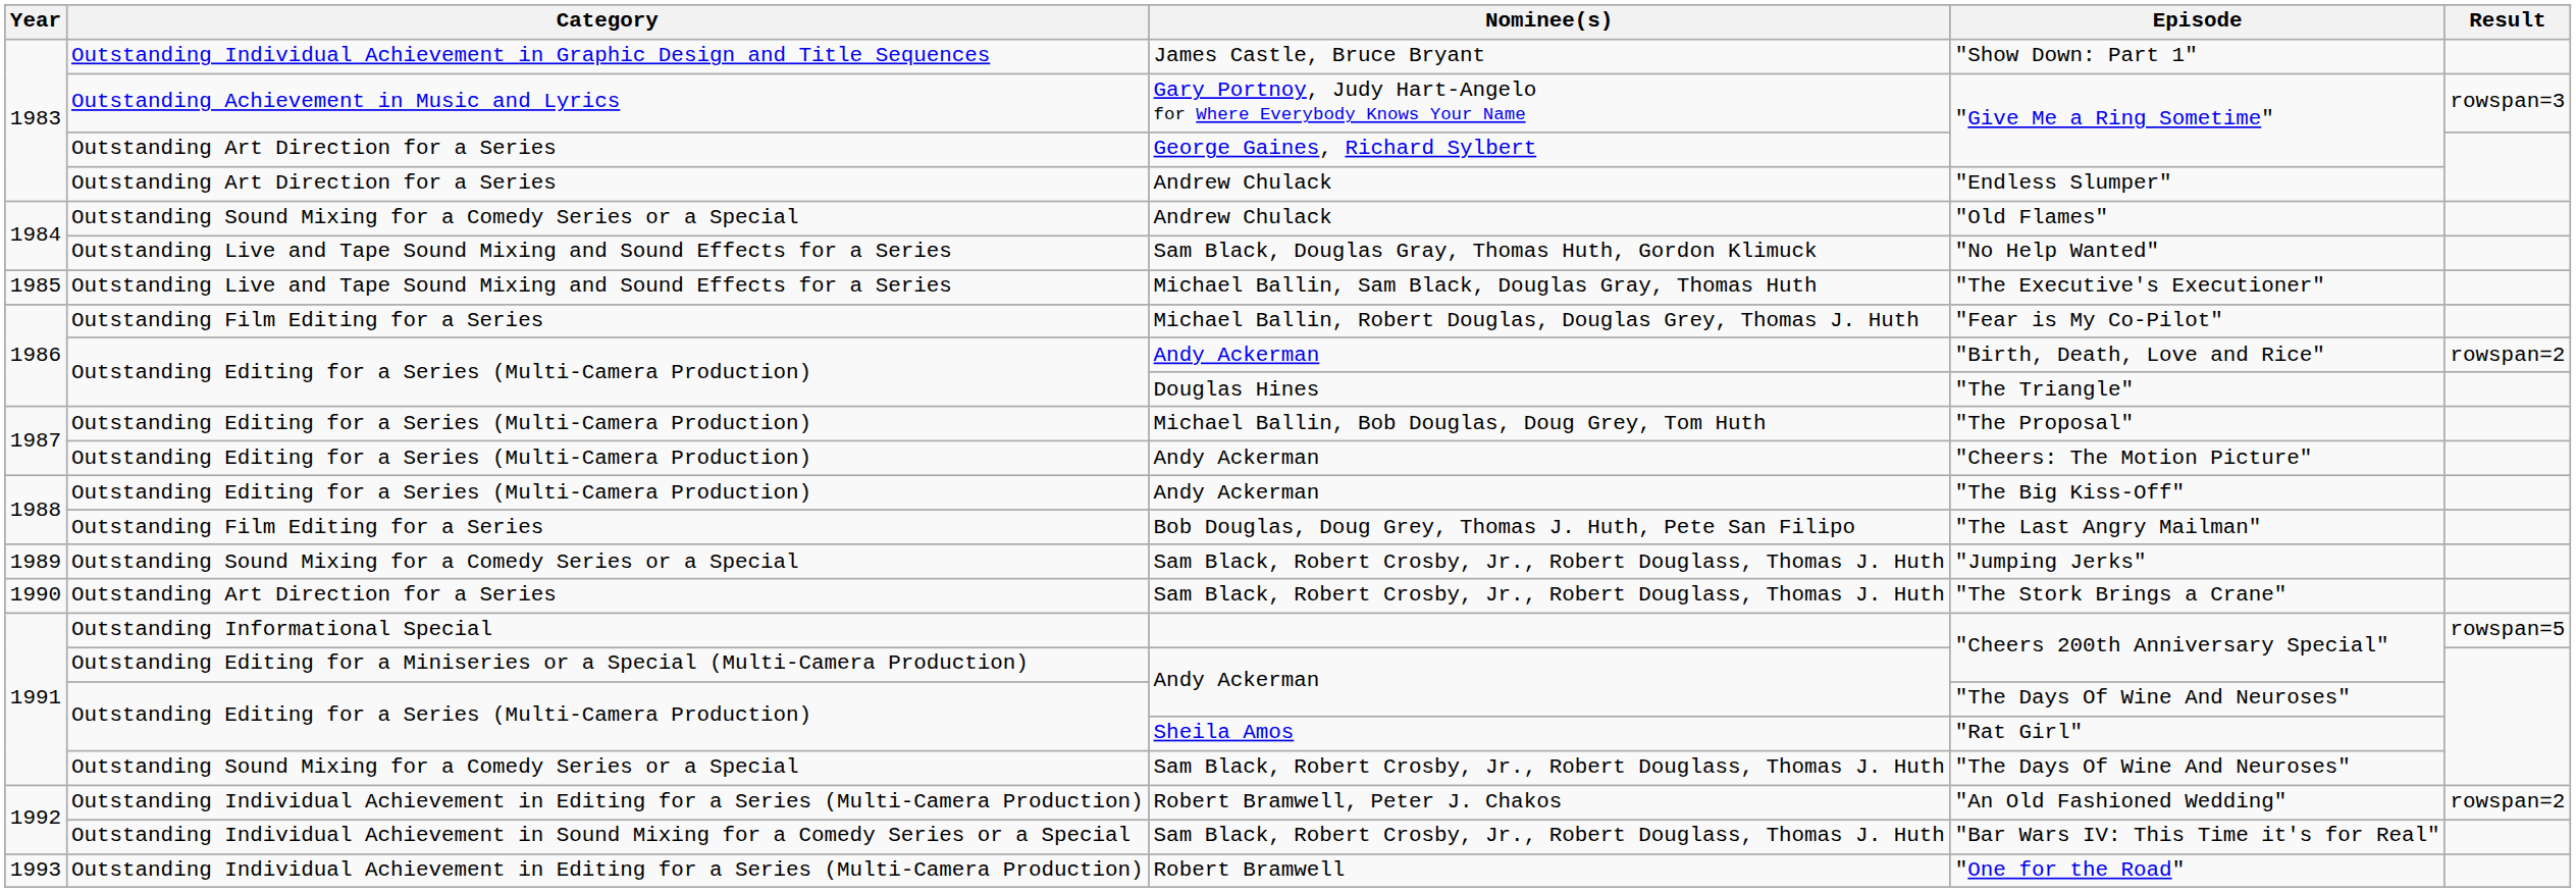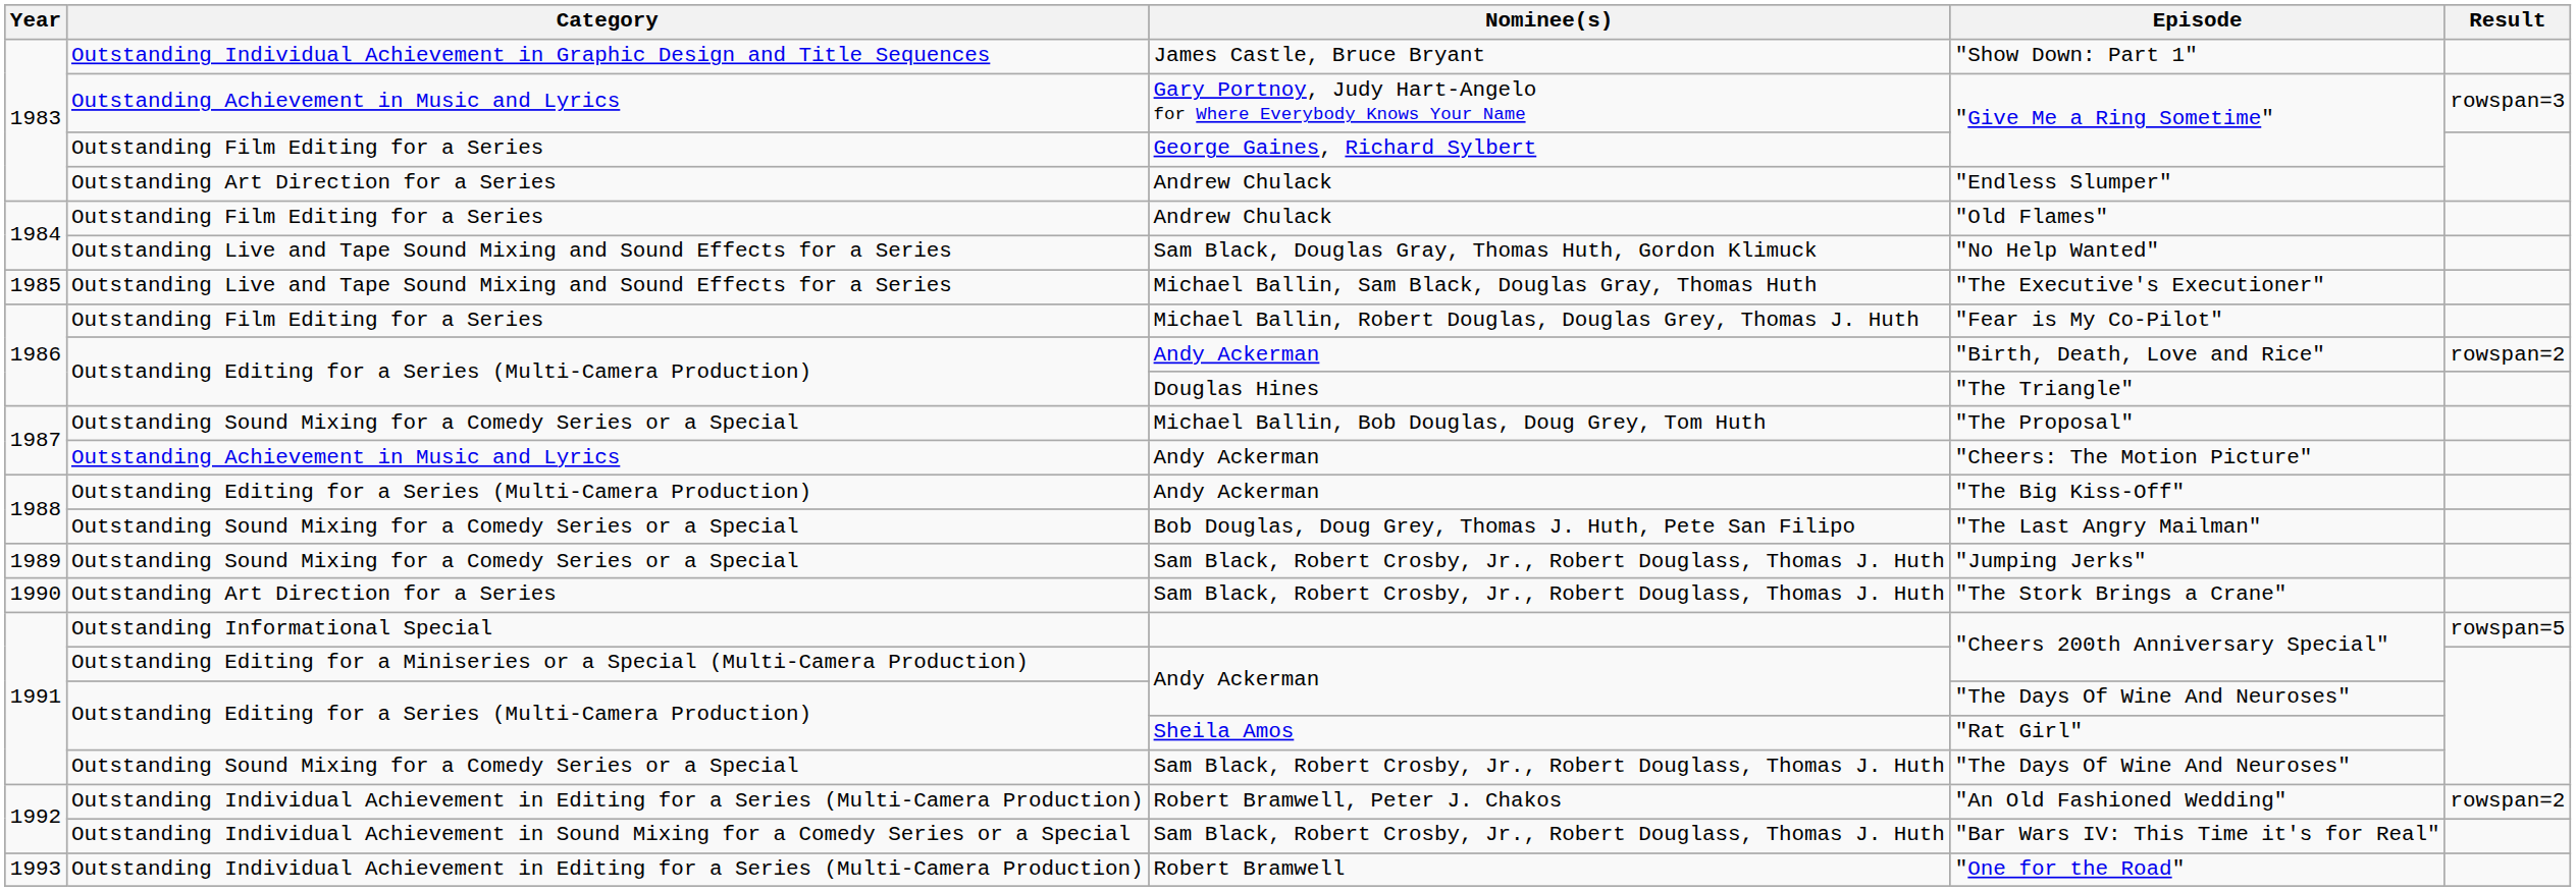 <table class="wikitable" style="font-size: 95%">
 <tr>
 <th>Year</th>
 <th>Category</th>
 <th>Nominee(s)</th>
 <th>Episode</th>
 <th>Result</th>
 </tr>
 <tr>
 <td rowspan="4">1983</td>
 <td><a href='#'>Outstanding Individual Achievement in Graphic Design and Title Sequences</a></td>
 <td>James Castle, Bruce Bryant</td>
 <td>"Show Down: Part 1"</td>
 <td></td>
 </tr>
 <tr>
 <td><a href='#'>Outstanding Achievement in Music and Lyrics</a></td>
 <td><a href='#'>Gary Portnoy</a>, Judy Hart-Angelo<br><small>for <a href='#'>Where Everybody Knows Your Name</a></small></td>
 <td rowspan=2>"<a href='#'>Give Me a Ring Sometime</a>"</td>
 <td>rowspan=3 </td>
 </tr>
 <tr>
-<td>Outstanding Art Direction for a Series</td>
+<td>Outstanding Film Editing for a Series</td>
 <td><a href='#'>George Gaines</a>, <a href='#'>Richard Sylbert</a></td>
 </tr>
 <tr>
 <td>Outstanding Art Direction for a Series</td>
 <td>Andrew Chulack</td>
 <td>"Endless Slumper"</td>
 </tr>
 <tr>
 <td rowspan="2">1984</td>
-<td>Outstanding Sound Mixing for a Comedy Series or a Special</td>
+<td>Outstanding Film Editing for a Series</td>
 <td>Andrew Chulack</td>
 <td>"Old Flames"</td>
 <td></td>
 </tr>
 <tr>
 <td>Outstanding Live and Tape Sound Mixing and Sound Effects for a Series</td>
 <td>Sam Black, Douglas Gray, Thomas Huth, Gordon Klimuck</td>
 <td>"No Help Wanted"</td>
 <td></td>
 </tr>
 <tr>
 <td>1985</td>
 <td>Outstanding Live and Tape Sound Mixing and Sound Effects for a Series</td>
 <td>Michael Ballin, Sam Black, Douglas Gray, Thomas Huth</td>
 <td>"The Executive's Executioner"</td>
 <td></td>
 </tr>
 <tr>
 <td rowspan=3>1986</td>
 <td>Outstanding Film Editing for a Series</td>
 <td>Michael Ballin, Robert Douglas, Douglas Grey, Thomas J. Huth</td>
 <td>"Fear is My Co-Pilot"</td>
 <td></td>
 </tr>
 <tr>
 <td rowspan=2>Outstanding Editing for a Series (Multi-Camera Production)</td>
 <td><a href='#'>Andy Ackerman</a></td>
 <td>"Birth, Death, Love and Rice"</td>
 <td>rowspan=2 </td>
 </tr>
 <tr>
 <td>Douglas Hines</td>
 <td>"The Triangle"</td>
 </tr>
 <tr>
 <td rowspan=2>1987</td>
-<td>Outstanding Editing for a Series (Multi-Camera Production)</td>
+<td>Outstanding Sound Mixing for a Comedy Series or a Special</td>
 <td>Michael Ballin, Bob Douglas, Doug Grey, Tom Huth</td>
 <td>"The Proposal"</td>
 <td></td>
 </tr>
 <tr>
-<td>Outstanding Editing for a Series (Multi-Camera Production)</td>
+<td><a href='#'>Outstanding Achievement in Music and Lyrics</a></td>
 <td>Andy Ackerman</td>
 <td>"Cheers: The Motion Picture"</td>
 <td></td>
 </tr>
 <tr>
 <td rowspan=2>1988</td>
 <td>Outstanding Editing for a Series (Multi-Camera Production)</td>
 <td>Andy Ackerman</td>
 <td>"The Big Kiss-Off"</td>
 <td></td>
 </tr>
 <tr>
-<td>Outstanding Film Editing for a Series</td>
+<td>Outstanding Sound Mixing for a Comedy Series or a Special</td>
 <td>Bob Douglas, Doug Grey, Thomas J. Huth, Pete San Filipo</td>
 <td>"The Last Angry Mailman"</td>
 <td></td>
 </tr>
 <tr>
 <td>1989</td>
 <td>Outstanding Sound Mixing for a Comedy Series or a Special</td>
 <td>Sam Black, Robert Crosby, Jr., Robert Douglass, Thomas J. Huth</td>
 <td>"Jumping Jerks"</td>
 <td></td>
 </tr>
 <tr>
 <td>1990</td>
 <td>Outstanding Art Direction for a Series</td>
 <td>Sam Black, Robert Crosby, Jr., Robert Douglass, Thomas J. Huth</td>
 <td>"The Stork Brings a Crane"</td>
 <td></td>
 </tr>
 <tr>
 <td rowspan=5>1991</td>
 <td>Outstanding Informational Special</td>
 <td></td>
 <td rowspan=2>"Cheers 200th Anniversary Special"</td>
 <td>rowspan=5 </td>
 </tr>
 <tr>
 <td>Outstanding Editing for a Miniseries or a Special (Multi-Camera Production)</td>
 <td rowspan=2>Andy Ackerman</td>
 </tr>
 <tr>
 <td rowspan=2>Outstanding Editing for a Series (Multi-Camera Production)</td>
 <td>"The Days Of Wine And Neuroses"</td>
 </tr>
 <tr>
 <td><a href='#'>Sheila Amos</a></td>
 <td>"Rat Girl"</td>
 </tr>
 <tr>
 <td>Outstanding Sound Mixing for a Comedy Series or a Special</td>
 <td>Sam Black, Robert Crosby, Jr., Robert Douglass, Thomas J. Huth</td>
 <td>"The Days Of Wine And Neuroses"</td>
 </tr>
 <tr>
 <td rowspan=2>1992</td>
 <td>Outstanding Individual Achievement in Editing for a Series (Multi-Camera Production)</td>
 <td>Robert Bramwell, Peter J. Chakos</td>
 <td>"An Old Fashioned Wedding"</td>
 <td>rowspan=2 </td>
 </tr>
 <tr>
 <td>Outstanding Individual Achievement in Sound Mixing for a Comedy Series or a Special</td>
 <td>Sam Black, Robert Crosby, Jr., Robert Douglass, Thomas J. Huth</td>
 <td>"Bar Wars IV: This Time it's for Real"</td>
 </tr>
 <tr>
 <td>1993</td>
 <td>Outstanding Individual Achievement in Editing for a Series (Multi-Camera Production)</td>
 <td>Robert Bramwell</td>
 <td>"<a href='#'>One for the Road</a>"</td>
 <td></td>
 </tr>
 </table>
